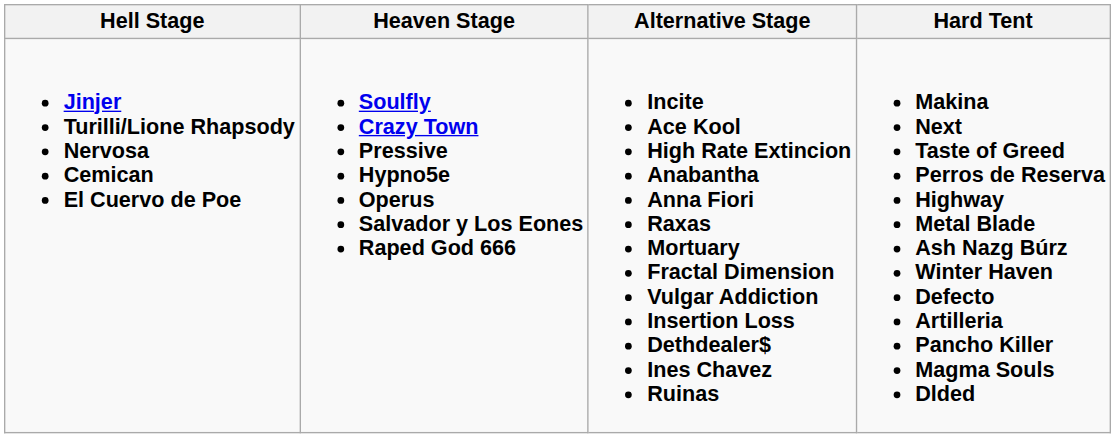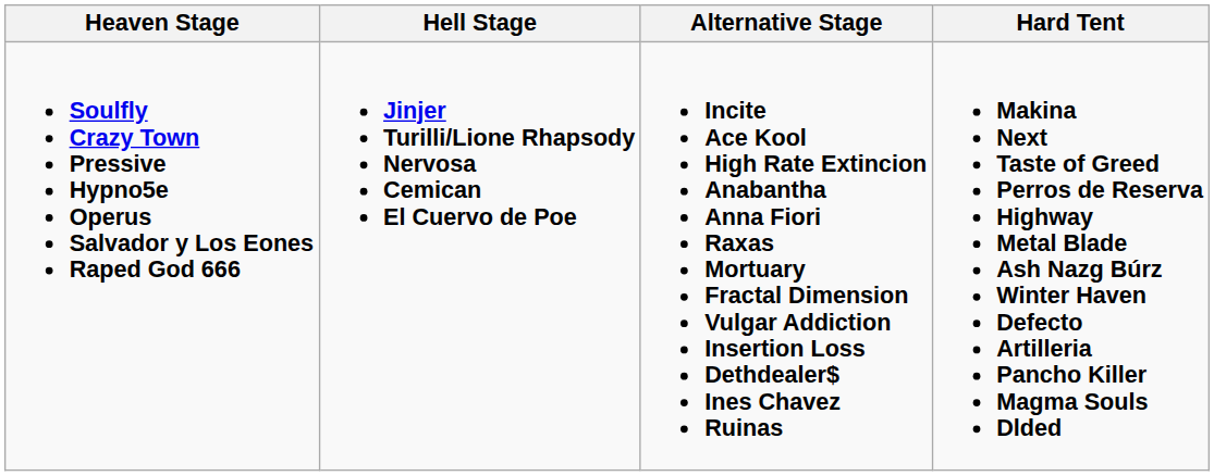 <table class="wikitable">
 <tr>
+<th>Heaven Stage</th>
 <th>Hell Stage</th>
-<th>Heaven Stage</th>
 <th>Alternative Stage</th>
 <th>Hard Tent</th>
 </tr>
 <tr valign="top">
+<td><br><ul><li><strong><a href='#'>Soulfly</a></strong></li><li><strong><a href='#'>Crazy Town</a></strong></li><li><strong>Pressive</strong></li><li><strong>Hypno5e</strong></li><li><strong>Operus</strong></li><li><strong>Salvador y Los Eones</strong></li><li><strong>Raped God 666</strong></li></ul></td>
 <td><br><ul><li><strong><a href='#'>Jinjer</a></strong></li><li><strong>Turilli/Lione Rhapsody</strong></li><li><strong>Nervosa</strong></li><li><strong>Cemican</strong></li><li><strong>El Cuervo de Poe</strong></li></ul></td>
-<td><br><ul><li><strong><a href='#'>Soulfly</a></strong></li><li><strong><a href='#'>Crazy Town</a></strong></li><li><strong>Pressive</strong></li><li><strong>Hypno5e</strong></li><li><strong>Operus</strong></li><li><strong>Salvador y Los Eones</strong></li><li><strong>Raped God 666</strong></li></ul></td>
 <td><br><ul><li><strong>Incite</strong></li><li><strong>Ace Kool</strong></li><li><strong>High Rate Extincion</strong></li><li><strong>Anabantha</strong></li><li><strong>Anna Fiori</strong></li><li><strong>Raxas</strong></li><li><strong>Mortuary</strong></li><li><strong>Fractal Dimension</strong></li><li><strong>Vulgar Addiction</strong></li><li><strong>Insertion Loss</strong></li><li><strong>Dethdealer$</strong></li><li><strong>Ines Chavez</strong></li><li><strong>Ruinas</strong></li></ul></td>
 <td><br><ul><li><strong>Makina</strong></li><li><strong>Next</strong></li><li><strong>Taste of Greed</strong></li><li><strong>Perros de Reserva</strong></li><li><strong>Highway</strong></li><li><strong>Metal Blade</strong></li><li><strong>Ash Nazg Búrz</strong></li><li><strong>Winter Haven</strong></li><li><strong>Defecto</strong></li><li><strong>Artilleria</strong></li><li><strong>Pancho Killer</strong></li><li><strong>Magma Souls</strong></li><li><strong>Dlded</strong></li></ul></td>
 </tr>
 </table>
